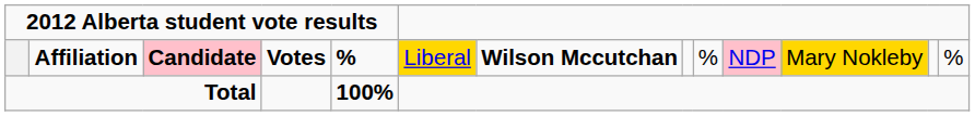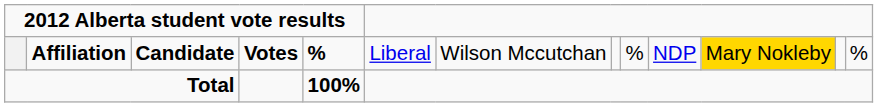 <table class="wikitable">
 <tr>
 <td colspan="5" style="text-align:center;"><strong>2012 Alberta student vote results</strong></td>
 </tr>
 <tr>
 <th style="width: 10px;"></th>
 <td><strong>Affiliation</strong></td>
-<td style="background: pink;"><strong>Candidate</strong></td>
+<td><strong>Candidate</strong></td>
 <td><strong>Votes</strong></td>
 <td><strong>%</strong><br>  </td>
-<td style="background: gold;"><a href='#'>Liberal</a></td>
-<td><strong>Wilson Mccutchan</strong></td>
+<td><a href='#'>Liberal</a></td>
+<td>Wilson Mccutchan</td>
 <td></td>
 <td>%<br></td>
-<td style="background: pink;"><a href='#'>NDP</a></td>
+<td><a href='#'>NDP</a></td>
 <td style="background: gold;">Mary Nokleby</td>
 <td></td>
 <td>%</td>
 </tr>
 <tr>
 <td colspan="3" style="text-align:right;"><strong>Total</strong></td>
 <td></td>
 <td><strong>100%</strong></td>
 </tr>
 </table>
